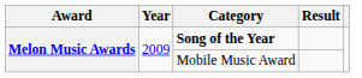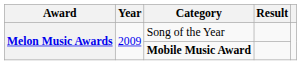 <table class="wikitable sortable plainrowheaders">
 <tr>
 <th>Award</th>
 <th>Year</th>
 <th>Category</th>
 <th>Result</th>
 <th class="unsortable"></th>
 </tr>
 <tr>
 <th rowspan="2" scope="row"><a href='#'>Melon Music Awards</a></th>
 <td rowspan="2"><a href='#'>2009</a></td>
-<td><strong>Song of the Year</strong></td>
+<td>Song of the Year</td>
 <td></td>
 <td rowspan="2"></td>
 </tr>
 <tr>
-<td>Mobile Music Award</td>
+<td><strong>Mobile Music Award</strong></td>
 <td></td>
 </tr>
 </table>
